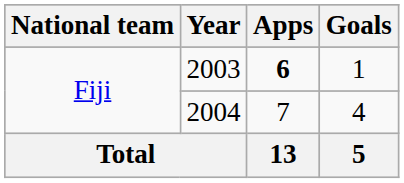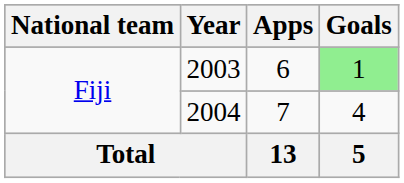 <table class="wikitable" style="text-align:center">
 <tr>
 <th>National team</th>
 <th>Year</th>
 <th>Apps</th>
 <th>Goals</th>
 </tr>
 <tr>
 <td rowspan="2"><a href='#'>Fiji</a></td>
 <td>2003</td>
-<td><strong>6</strong></td>
-<td>1</td>
+<td>6</td>
+<td style="background: lightgreen;">1</td>
 </tr>
 <tr>
 <td>2004</td>
 <td>7</td>
 <td>4</td>
 </tr>
 <tr>
 <th colspan=2>Total</th>
 <th>13</th>
 <th>5</th>
 </tr>
 </table>
